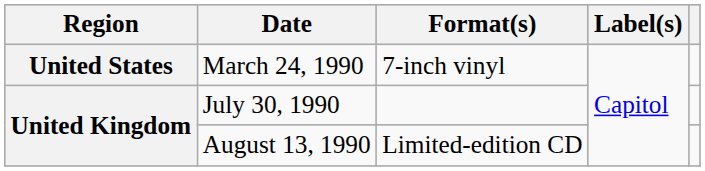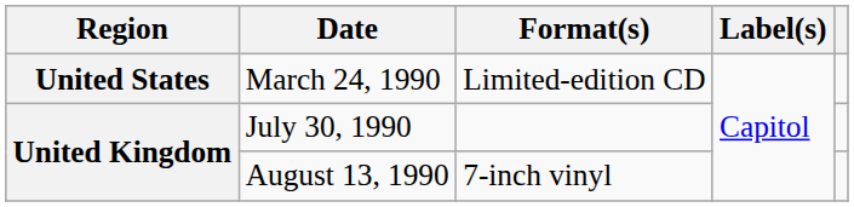 <table class="wikitable plainrowheaders">
 <tr>
 <th scope="col">Region</th>
 <th scope="col">Date</th>
 <th scope="col">Format(s)</th>
 <th scope="col">Label(s)</th>
 <th scope="col"></th>
 </tr>
 <tr>
 <th scope="row">United States</th>
 <td>March 24, 1990</td>
-<td>7-inch vinyl</td>
+<td>Limited-edition CD</td>
 <td rowspan="3"><a href='#'>Capitol</a></td>
 <td></td>
 </tr>
 <tr>
 <th scope="row" rowspan="2">United Kingdom</th>
 <td>July 30, 1990</td>
 <td></td>
 <td></td>
 </tr>
 <tr>
 <td>August 13, 1990</td>
-<td>Limited-edition CD</td>
+<td>7-inch vinyl</td>
 <td></td>
 </tr>
 </table>
